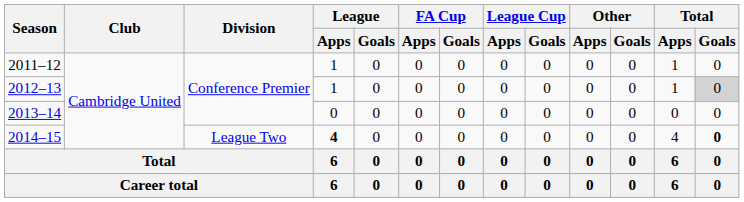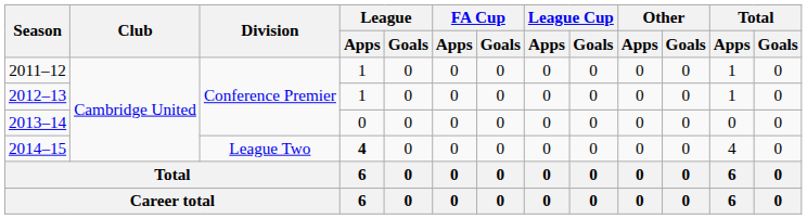 <table class="wikitable" style="text-align:center;">
 <tr>
 <th rowspan="2">Season</th>
 <th rowspan="2">Club</th>
 <th rowspan="2">Division</th>
 <th colspan="2">League</th>
 <th colspan="2"><a href='#'>FA Cup</a></th>
 <th colspan="2"><a href='#'>League Cup</a></th>
 <th colspan="2">Other</th>
 <th colspan="2">Total</th>
 </tr>
 <tr>
 <th>Apps</th>
 <th>Goals</th>
 <th>Apps</th>
 <th>Goals</th>
 <th>Apps</th>
 <th>Goals</th>
 <th>Apps</th>
 <th>Goals</th>
 <th>Apps</th>
 <th>Goals</th>
 </tr>
 <tr>
 <td>2011–12</td>
 <td rowspan="4"><a href='#'>Cambridge United</a></td>
 <td rowspan="3"><a href='#'>Conference Premier</a></td>
 <td>1</td>
 <td>0</td>
 <td>0</td>
 <td>0</td>
 <td>0</td>
 <td>0</td>
 <td>0</td>
 <td>0</td>
 <td>1</td>
 <td>0</td>
 </tr>
 <tr>
 <td><a href='#'>2012–13</a></td>
 <td>1</td>
 <td>0</td>
 <td>0</td>
 <td>0</td>
 <td>0</td>
 <td>0</td>
 <td>0</td>
 <td>0</td>
 <td>1</td>
-<td style="background: lightgrey;">0</td>
+<td>0</td>
 </tr>
 <tr>
 <td><a href='#'>2013–14</a></td>
 <td>0</td>
 <td>0</td>
 <td>0</td>
 <td>0</td>
 <td>0</td>
 <td>0</td>
 <td>0</td>
 <td>0</td>
 <td>0</td>
 <td>0</td>
 </tr>
 <tr>
 <td><a href='#'>2014–15</a></td>
 <td><a href='#'>League Two</a></td>
 <td><strong>4</strong></td>
 <td>0</td>
 <td>0</td>
 <td>0</td>
 <td>0</td>
 <td>0</td>
 <td>0</td>
 <td>0</td>
 <td>4</td>
-<td><strong>0</strong></td>
+<td>0</td>
 </tr>
 <tr>
 <th colspan="3">Total</th>
 <th>6</th>
 <th>0</th>
 <th>0</th>
 <th>0</th>
 <th>0</th>
 <th>0</th>
 <th>0</th>
 <th>0</th>
 <th>6</th>
 <th>0</th>
 </tr>
 <tr>
 <th colspan="3">Career total</th>
 <th>6</th>
 <th>0</th>
 <th>0</th>
 <th>0</th>
 <th>0</th>
 <th>0</th>
 <th>0</th>
 <th>0</th>
 <th>6</th>
 <th>0</th>
 </tr>
 </table>
